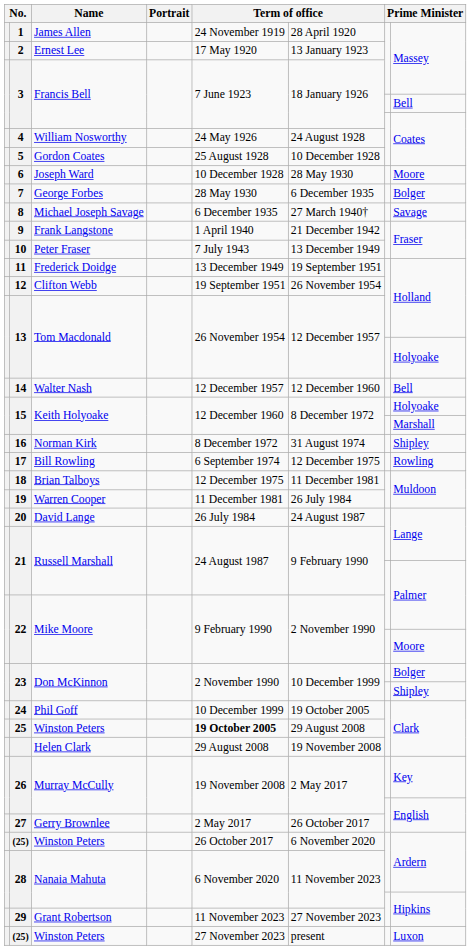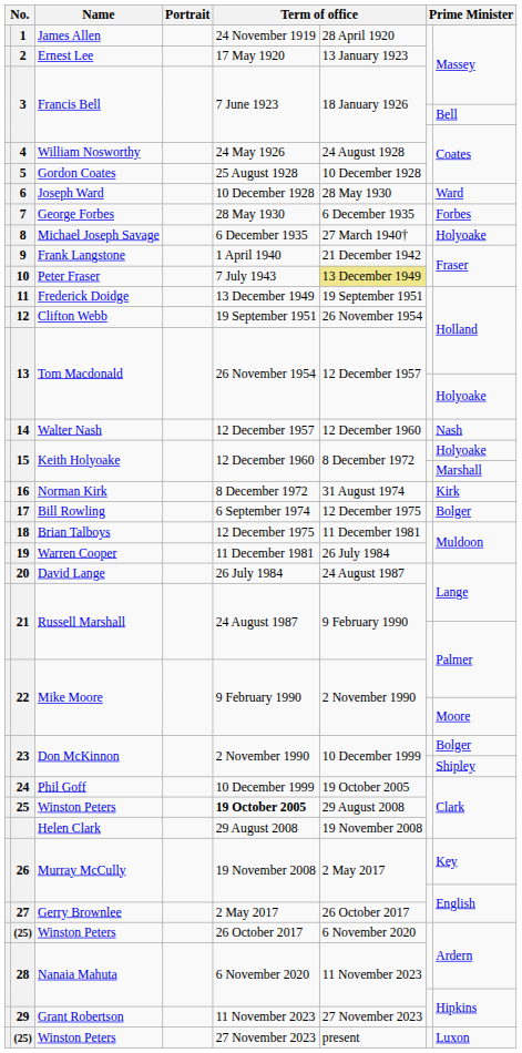 <table class="wikitable">
 <tr>
 <th colspan=2>No.</th>
 <th>Name</th>
 <th>Portrait</th>
 <th colspan=2>Term of office</th>
 <th colspan=30>Prime Minister</th>
 </tr>
 <tr>
 <th style="color:inherit;background:"></th>
 <th>1</th>
 <td><a href='#'>James Allen</a></td>
 <td></td>
 <td>24 November 1919</td>
 <td>28 April 1920</td>
 <td width=1 rowspan=2 style="border-bottom:solid 0 grey; background:"></td>
 <td rowspan=3><a href='#'>Massey</a></td>
 </tr>
 <tr>
 <th style="color:inherit;background:"></th>
 <th>2</th>
 <td><a href='#'>Ernest Lee</a></td>
 <td></td>
 <td>17 May 1920</td>
 <td>13 January 1923</td>
 </tr>
 <tr>
 <th rowspan=3 style="color:inherit;background:"></th>
 <th rowspan=3>3</th>
 <td rowspan=3><a href='#'>Francis Bell</a></td>
 <td rowspan=3></td>
 <td rowspan=3>7 June 1923</td>
 <td rowspan=3>18 January 1926</td>
 <td height=40 style="border-top:solid 0 grey; background:"></td>
 </tr>
 <tr>
 <td height=15 style="color:inherit;background:"></td>
 <td><a href='#'>Bell</a></td>
 </tr>
 <tr>
 <td height=15 style="border-bottom:solid 0 grey; background:"></td>
 <td rowspan=3><a href='#'>Coates</a></td>
 </tr>
 <tr>
 <th style="color:inherit;background:"></th>
 <th>4</th>
 <td><a href='#'>William Nosworthy</a></td>
 <td></td>
 <td>24 May 1926</td>
 <td>24 August 1928</td>
 <td rowspan=2 style="border-top:solid 0 grey; background:"></td>
 </tr>
 <tr>
 <th style="color:inherit;background:"></th>
 <th>5</th>
 <td><a href='#'>Gordon Coates</a></td>
 <td></td>
 <td>25 August 1928</td>
 <td>10 December 1928</td>
 </tr>
 <tr>
 <th style="color:inherit;background:"></th>
 <th>6</th>
 <td><a href='#'>Joseph Ward</a></td>
 <td></td>
 <td>10 December 1928</td>
 <td>28 May 1930</td>
 <td style="color:inherit;background:"></td>
-<td><a href='#'>Moore</a></td>
+<td><a href='#'>Ward</a></td>
 </tr>
 <tr>
 <th style="color:inherit;background:"></th>
 <th>7</th>
 <td><a href='#'>George Forbes</a></td>
 <td></td>
 <td>28 May 1930</td>
 <td>6 December 1935</td>
 <td style="color:inherit;background:"></td>
-<td><a href='#'>Bolger</a></td>
+<td><a href='#'>Forbes</a></td>
 </tr>
 <tr>
 <th style="color:inherit;background:"></th>
 <th>8</th>
 <td><a href='#'>Michael Joseph Savage</a></td>
 <td></td>
 <td>6 December 1935</td>
 <td>27 March 1940†</td>
 <td style="color:inherit;background:"></td>
-<td><a href='#'>Savage</a></td>
+<td><a href='#'>Holyoake</a></td>
 </tr>
 <tr>
 <th style="color:inherit;background:"></th>
 <th>9</th>
 <td><a href='#'>Frank Langstone</a></td>
 <td></td>
 <td>1 April 1940</td>
 <td>21 December 1942</td>
 <td rowspan=2 style="color:inherit;background:"></td>
 <td rowspan=2><a href='#'>Fraser</a></td>
 </tr>
 <tr>
 <th style="color:inherit;background:"></th>
 <th>10</th>
 <td><a href='#'>Peter Fraser</a></td>
 <td></td>
 <td>7 July 1943</td>
-<td>13 December 1949</td>
+<td style="background: khaki;">13 December 1949</td>
 </tr>
 <tr>
 <th style="color:inherit;background:"></th>
 <th>11</th>
 <td><a href='#'>Frederick Doidge</a></td>
 <td></td>
 <td>13 December 1949</td>
 <td>19 September 1951</td>
 <td rowspan="3" style="color:inherit;background:"></td>
 <td rowspan="3"><a href='#'>Holland</a></td>
 </tr>
 <tr>
 <th style="color:inherit;background:"></th>
 <th>12</th>
 <td><a href='#'>Clifton Webb</a></td>
 <td></td>
 <td>19 September 1951</td>
 <td>26 November 1954</td>
 </tr>
 <tr>
 <th height=50 style="border-bottom:solid 0 grey; background:"></th>
 <th rowspan="2">13</th>
 <td rowspan="2"><a href='#'>Tom Macdonald</a></td>
 <td rowspan="2"></td>
 <td rowspan="2">26 November 1954</td>
 <td rowspan="2">12 December 1957</td>
 </tr>
 <tr>
 <th height=50 style="border-top:solid 0 grey; background:"></th>
 <td style="color:inherit;background:"></td>
 <td><a href='#'>Holyoake</a></td>
 </tr>
 <tr>
 <th style="color:inherit;background:"></th>
 <th>14</th>
 <td><a href='#'>Walter Nash</a></td>
 <td></td>
 <td>12 December 1957</td>
 <td>12 December 1960</td>
 <td style="color:inherit;background:"></td>
-<td><a href='#'>Bell</a></td>
+<td><a href='#'>Nash</a></td>
 </tr>
 <tr>
 <th rowspan=2 style="color:inherit;background:"></th>
 <th rowspan=2>15</th>
 <td rowspan=2><a href='#'>Keith Holyoake</a></td>
 <td rowspan=2></td>
 <td rowspan=2>12 December 1960</td>
 <td rowspan=2>8 December 1972</td>
 <td style="color:inherit;background:"></td>
 <td><a href='#'>Holyoake</a></td>
 </tr>
 <tr>
 <td style="color:inherit;background:"></td>
 <td><a href='#'>Marshall</a></td>
 </tr>
 <tr>
 <th style="color:inherit;background:"></th>
 <th>16</th>
 <td><a href='#'>Norman Kirk</a></td>
 <td></td>
 <td>8 December 1972</td>
 <td>31 August 1974</td>
 <td style="color:inherit;background:"></td>
-<td><a href='#'>Shipley</a></td>
+<td><a href='#'>Kirk</a></td>
 </tr>
 <tr>
 <th style="color:inherit;background:"></th>
 <th>17</th>
 <td><a href='#'>Bill Rowling</a></td>
 <td></td>
 <td>6 September 1974</td>
 <td>12 December 1975</td>
 <td style="color:inherit;background:"></td>
-<td><a href='#'>Rowling</a></td>
+<td><a href='#'>Bolger</a></td>
 </tr>
 <tr>
 <th style="color:inherit;background:"></th>
 <th>18</th>
 <td><a href='#'>Brian Talboys</a></td>
 <td></td>
 <td>12 December 1975</td>
 <td>11 December 1981</td>
 <td rowspan=2 style="color:inherit;background:"></td>
 <td rowspan=2><a href='#'>Muldoon</a></td>
 </tr>
 <tr>
 <th style="color:inherit;background:"></th>
 <th>19</th>
 <td><a href='#'>Warren Cooper</a></td>
 <td></td>
 <td>11 December 1981</td>
 <td>26 July 1984</td>
 </tr>
 <tr>
 <th style="color:inherit;background:"></th>
 <th>20</th>
 <td><a href='#'>David Lange</a></td>
 <td></td>
 <td>26 July 1984</td>
 <td>24 August 1987</td>
 <td rowspan=2 style="color:inherit;background:"></td>
 <td rowspan=2><a href='#'>Lange</a></td>
 </tr>
 <tr>
 <th height=40 style="border-bottom:solid 0 grey; background:"></th>
 <th rowspan=2>21</th>
 <td rowspan=2><a href='#'>Russell Marshall</a></td>
 <td rowspan=2></td>
 <td rowspan=2>24 August 1987</td>
 <td rowspan=2>9 February 1990</td>
 </tr>
 <tr>
 <th height=40 style="border-top:solid 0 grey; background:"></th>
 <td rowspan=2 style="color:inherit;background:"></td>
 <td rowspan=2><a href='#'>Palmer</a></td>
 </tr>
 <tr>
 <th height=40 style="border-bottom:solid 0 grey; background:"></th>
 <th rowspan=2>22</th>
 <td rowspan=2><a href='#'>Mike Moore</a></td>
 <td rowspan=2></td>
 <td rowspan=2>9 February 1990</td>
 <td rowspan=2>2 November 1990</td>
 </tr>
 <tr>
 <th height=40 style="border-top:solid 0 grey; background:"></th>
 <td style="color:inherit;background:"></td>
 <td><a href='#'>Moore</a></td>
 </tr>
 <tr>
 <th rowspan=2 style="color:inherit;background:"></th>
 <th rowspan=2>23</th>
 <td rowspan=2><a href='#'>Don McKinnon</a></td>
 <td rowspan=2></td>
 <td rowspan=2>2 November 1990</td>
 <td rowspan=2>10 December 1999</td>
 <td style="color:inherit;background:"></td>
 <td><a href='#'>Bolger</a></td>
 </tr>
 <tr>
 <td style="color:inherit;background:"></td>
 <td><a href='#'>Shipley</a></td>
 </tr>
 <tr>
 <th style="color:inherit;background:"></th>
 <th>24</th>
 <td><a href='#'>Phil Goff</a></td>
 <td></td>
 <td>10 December 1999</td>
 <td>19 October 2005</td>
 <td rowspan=3 style="color:inherit;background:"></td>
 <td rowspan=3><a href='#'>Clark</a></td>
 </tr>
 <tr>
 <th style="color:inherit;background:"></th>
 <th>25</th>
 <td><a href='#'>Winston Peters</a></td>
 <td></td>
 <td><strong>19 October 2005</strong></td>
 <td>29 August 2008</td>
 </tr>
 <tr>
 <th style="color:inherit;background:"></th>
 <th></th>
 <td><a href='#'>Helen Clark</a><br></td>
 <td></td>
 <td>29 August 2008</td>
 <td>19 November 2008</td>
 </tr>
 <tr>
 <th height=50 style="border-bottom:solid 0 grey; background:"></th>
 <th rowspan=2>26</th>
 <td rowspan=2><a href='#'>Murray McCully</a></td>
 <td rowspan=2></td>
 <td rowspan=2>19 November 2008</td>
 <td rowspan=2>2 May 2017</td>
 <td style="color:inherit;background:"></td>
 <td><a href='#'>Key</a></td>
 </tr>
 <tr>
 <th height=15 style="border-top:solid 0 grey; background:"></th>
 <td rowspan=2 style="border-bottom:solid 0 grey; background:"></td>
 <td rowspan=2><a href='#'>English</a></td>
 </tr>
 <tr>
 <th style="color:inherit;background:"></th>
 <th>27</th>
 <td><a href='#'>Gerry Brownlee</a></td>
 <td></td>
 <td>2 May 2017</td>
 <td>26 October 2017</td>
 </tr>
 <tr>
 <th style="color:inherit;background:"></th>
 <th><small>(25)</small></th>
 <td><a href='#'>Winston Peters</a></td>
 <td></td>
 <td>26 October 2017</td>
 <td>6 November 2020</td>
 <td rowspan=2 style="color:inherit;background:"></td>
 <td rowspan=2><a href='#'>Ardern</a></td>
 </tr>
 <tr>
 <th height=50 style="border-bottom:solid 0 grey; background:"></th>
 <th rowspan="2">28</th>
 <td rowspan="2"><a href='#'>Nanaia Mahuta</a></td>
 <td rowspan="2"></td>
 <td rowspan="2">6 November 2020</td>
 <td rowspan="2">11 November 2023</td>
 </tr>
 <tr>
 <th height=15 style="border-top:solid 0 grey; background:"></th>
 <td rowspan=2 style="color:inherit;background:"></td>
 <td rowspan=2><a href='#'>Hipkins</a></td>
 </tr>
 <tr>
 <th height=15 style="border-top:solid 0 grey; background:"></th>
 <th>29</th>
 <td><a href='#'>Grant Robertson</a></td>
 <td></td>
 <td>11 November 2023</td>
 <td>27 November 2023</td>
 </tr>
 <tr>
 <th style="color:inherit;background:"></th>
 <th><small>(25)</small></th>
 <td><a href='#'>Winston Peters</a></td>
 <td></td>
 <td>27 November 2023</td>
 <td>present</td>
 <td style="color:inherit;background:"></td>
 <td><a href='#'>Luxon</a></td>
 </tr>
 </table>
